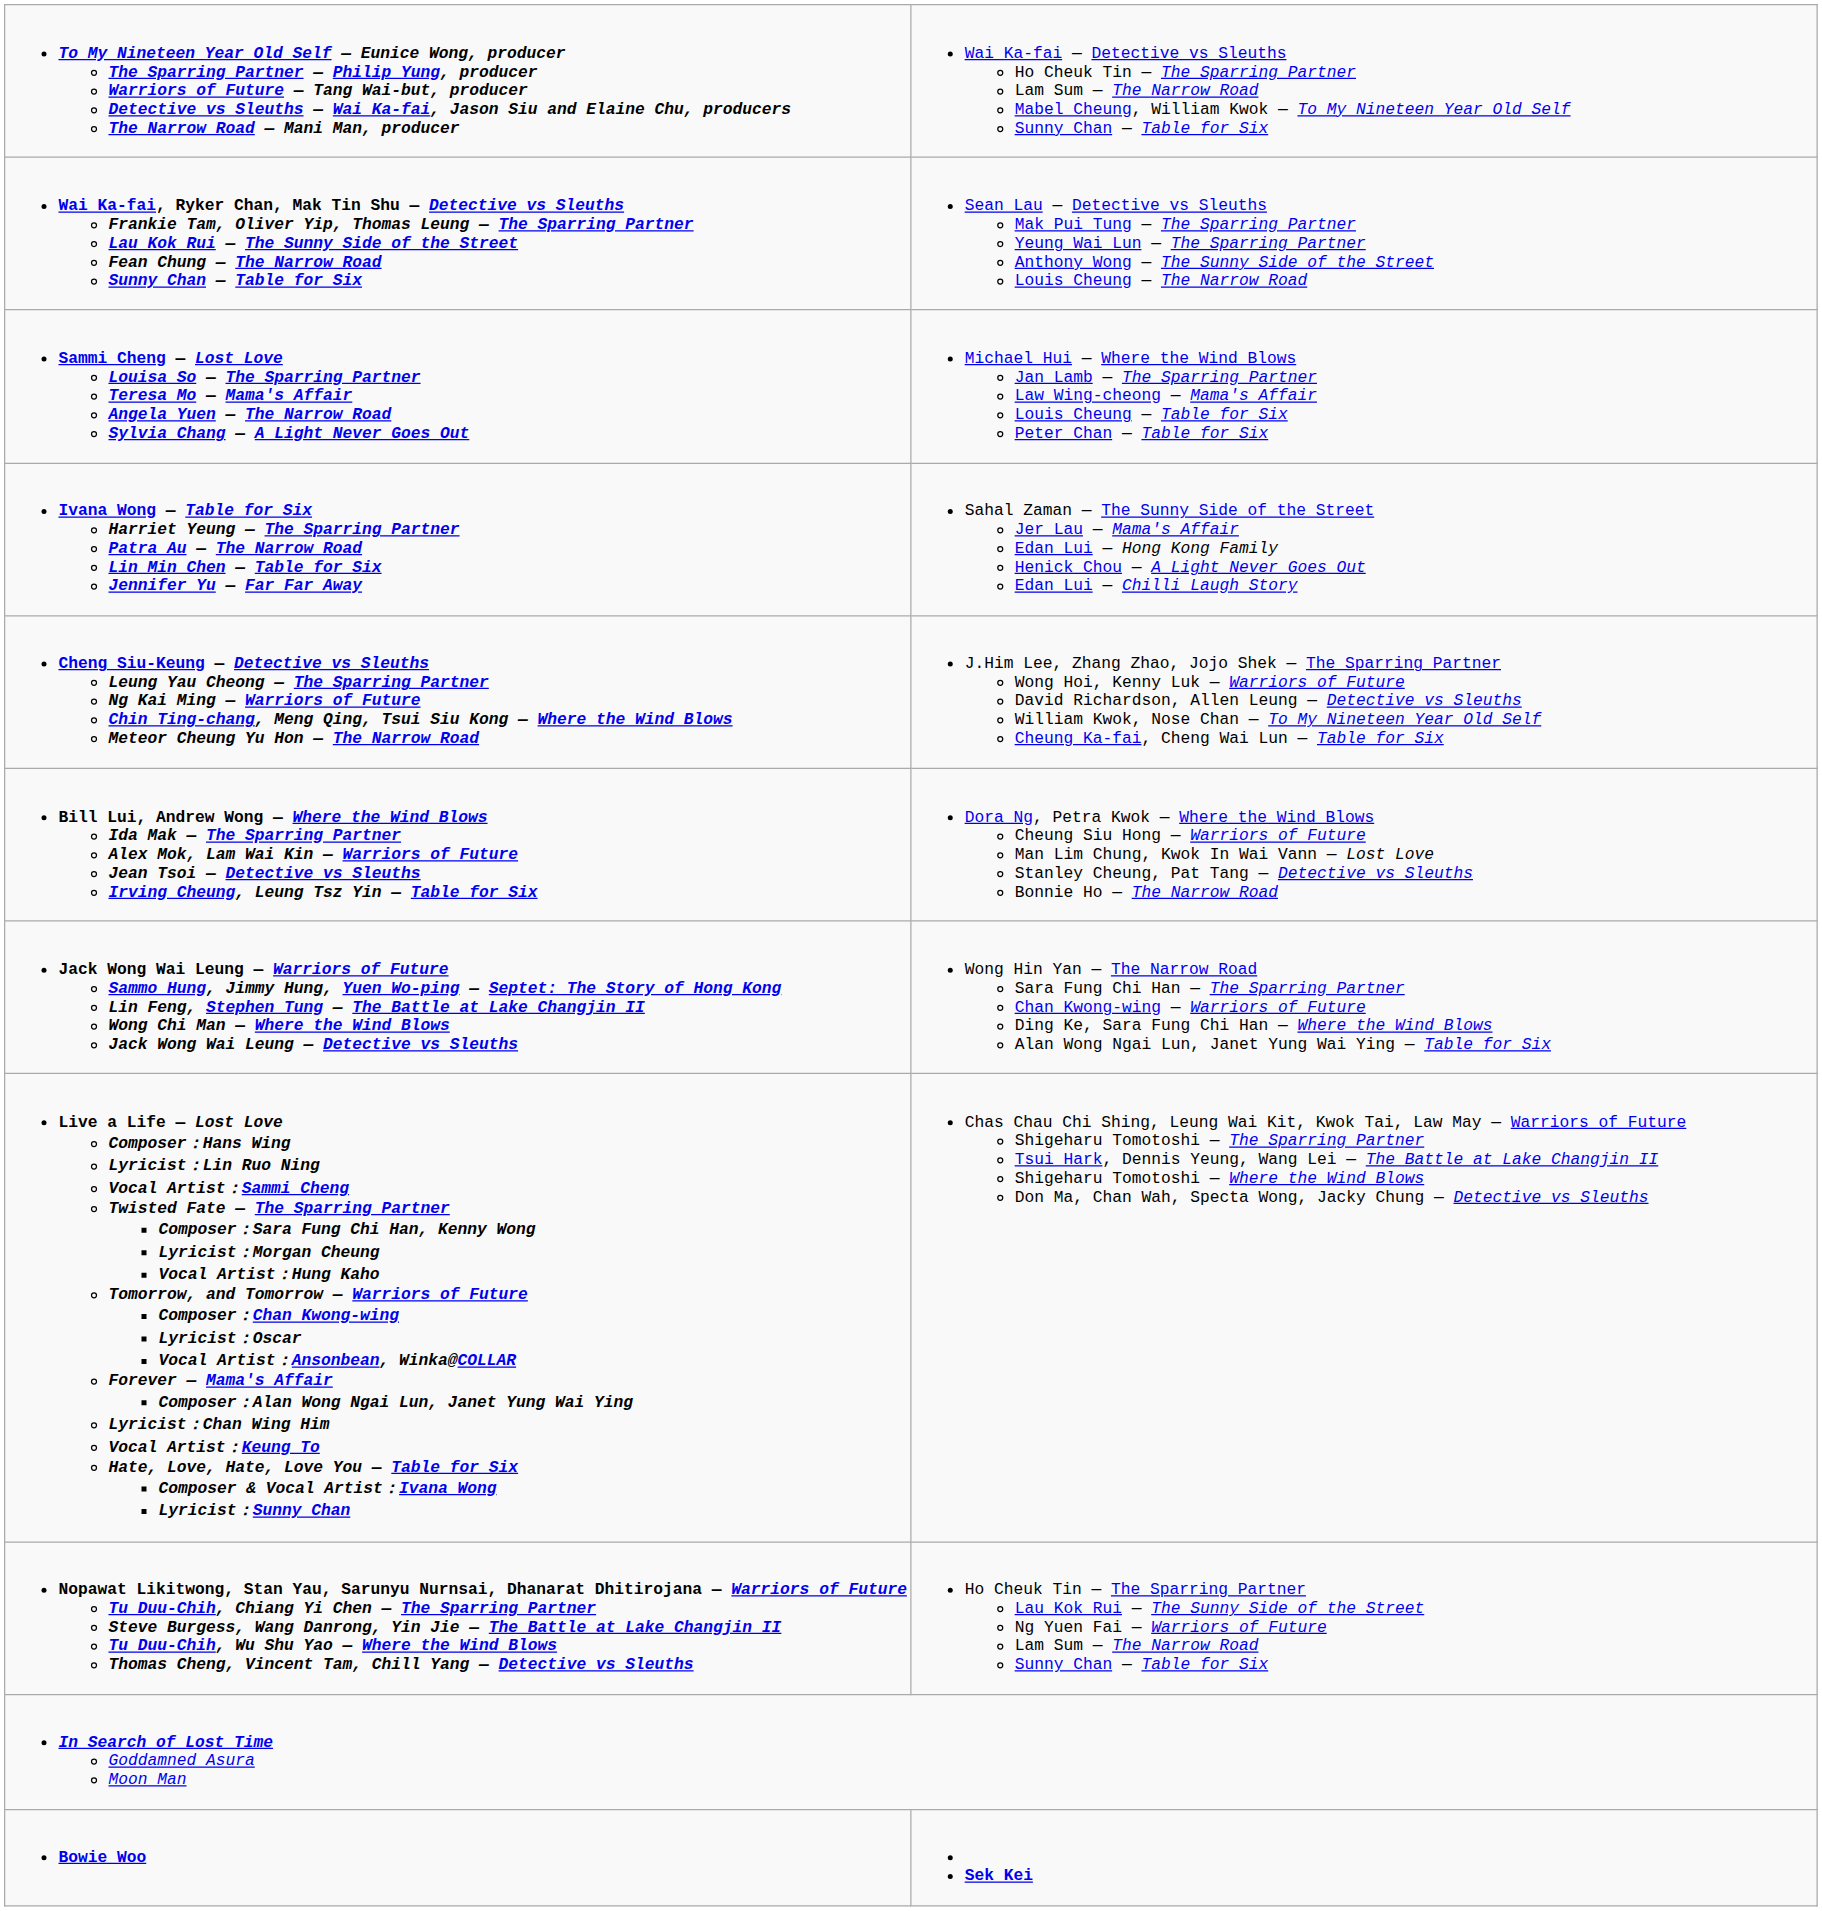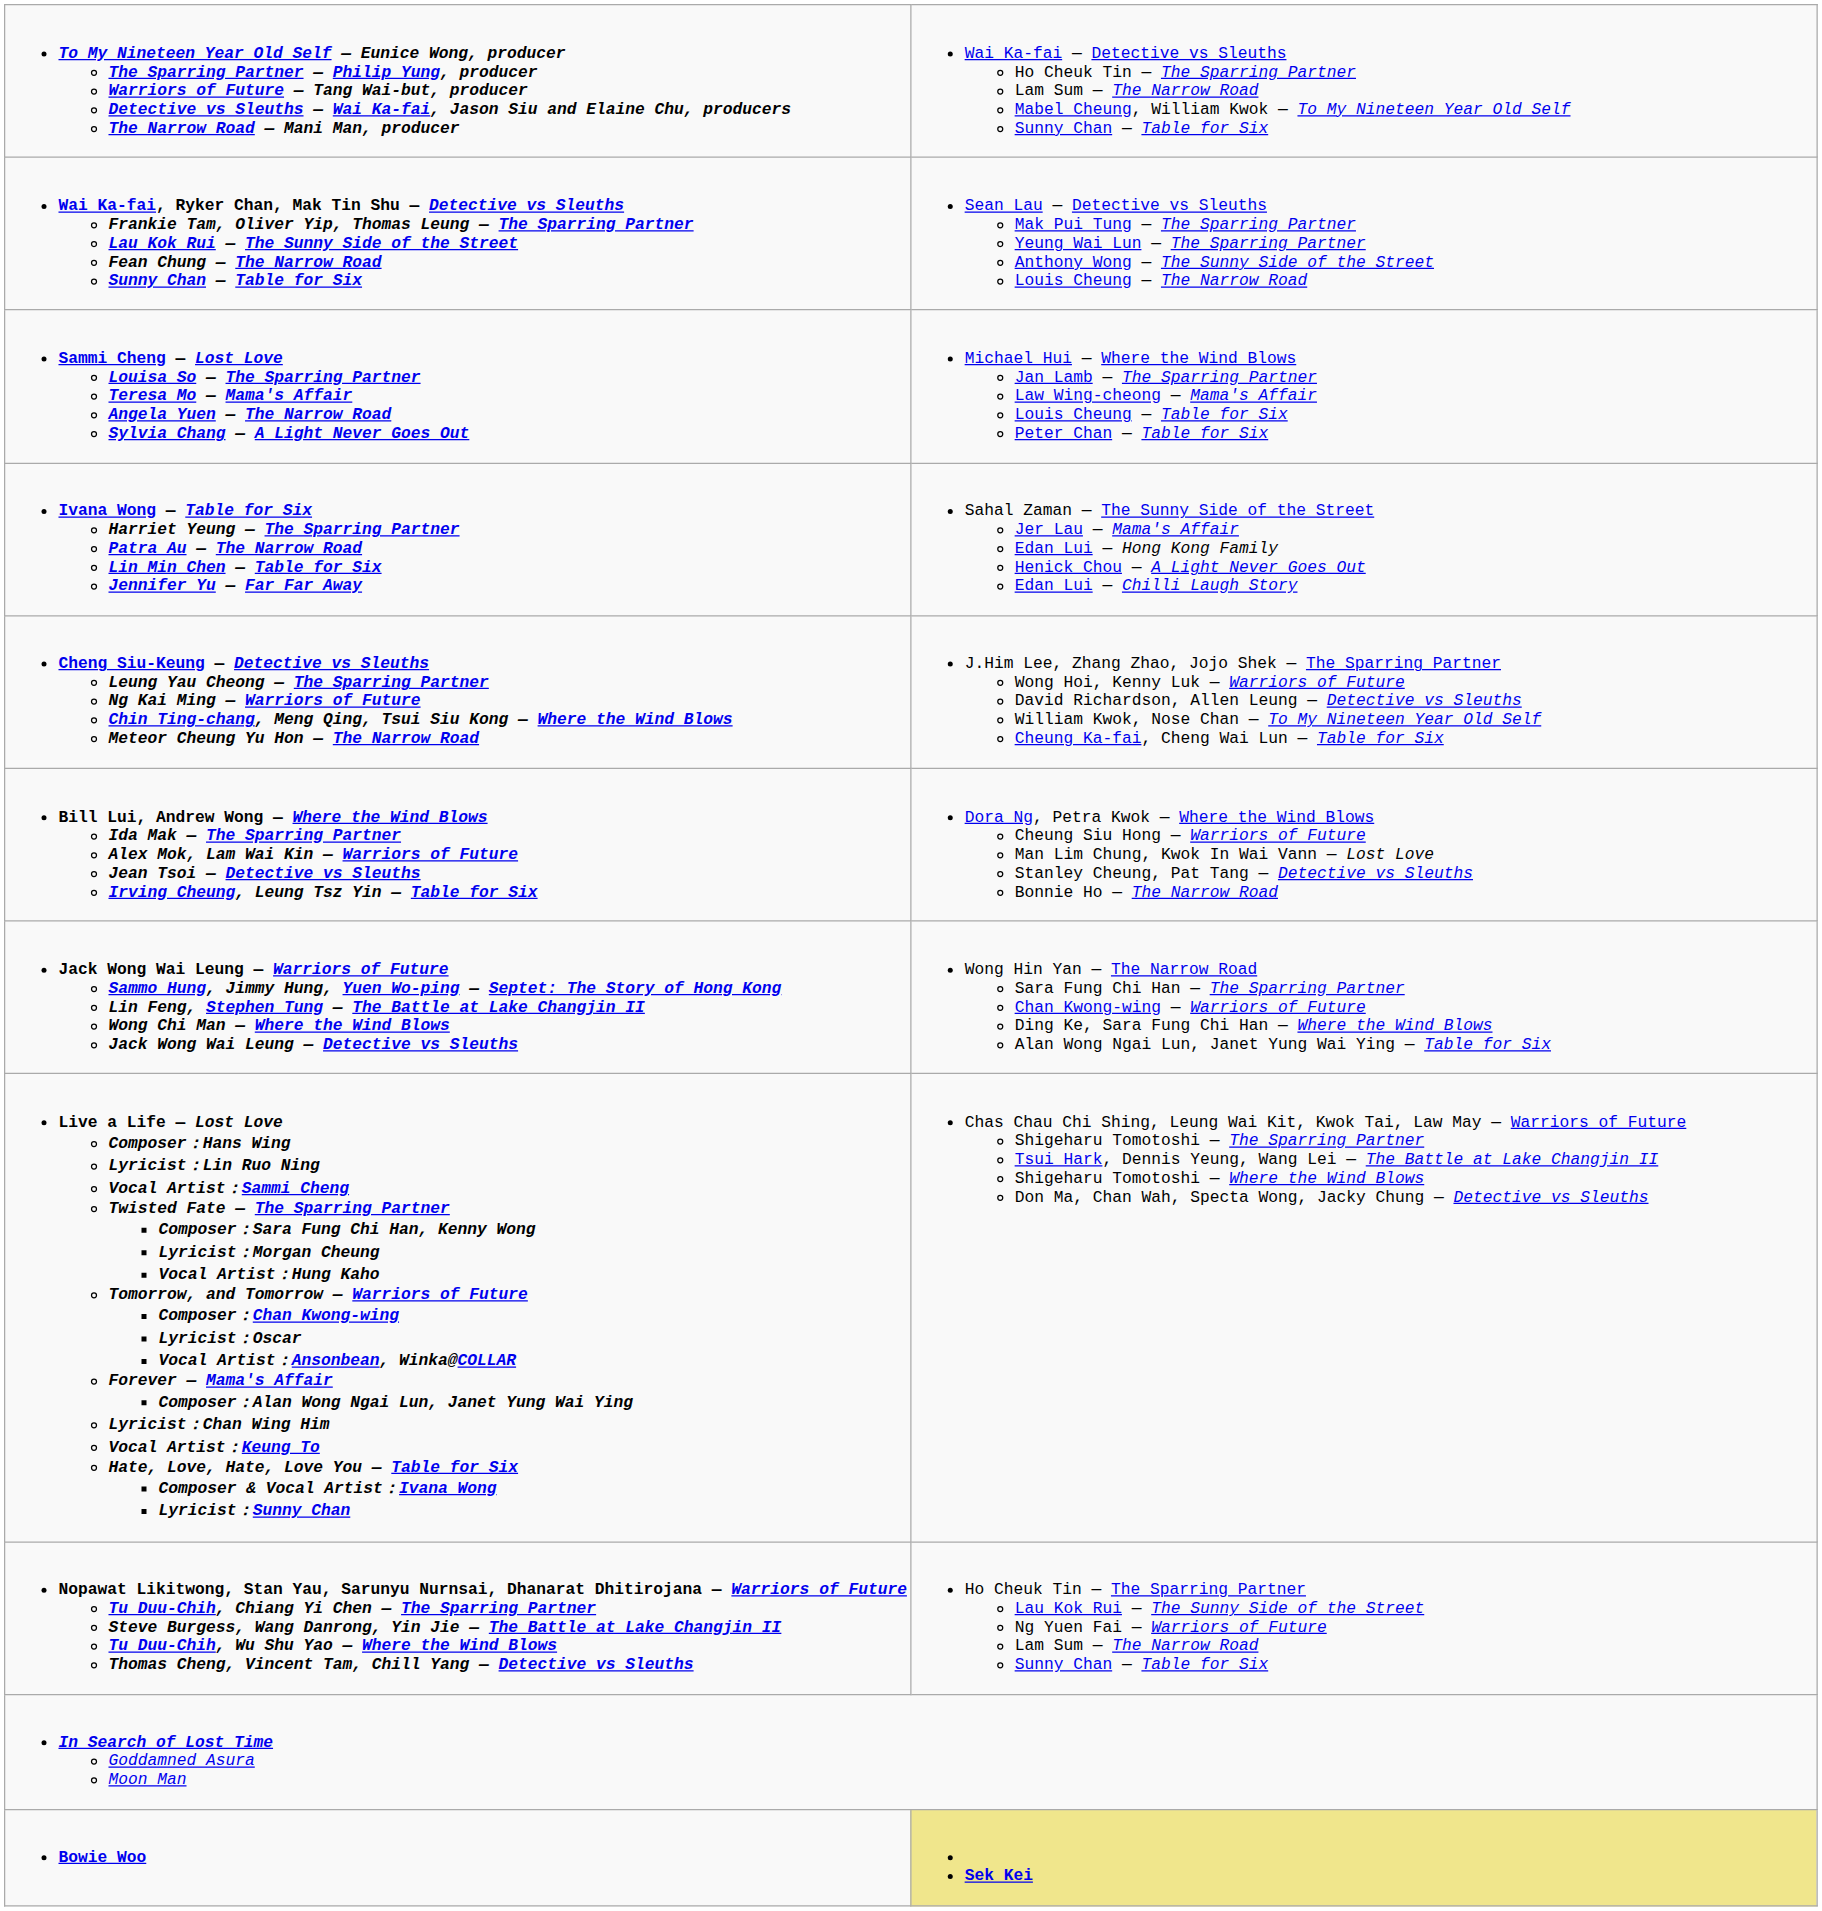 <table class=wikitable>
 <tr>
 <td valign="top" width="50%"><br><ul><li><strong><em><a href='#'>To My Nineteen Year Old Self</a><em> — Eunice Wong, producer<strong><ul><li></em><a href='#'>The Sparring Partner</a><em> — <a href='#'>Philip Yung</a>, producer</li><li></em><a href='#'>Warriors of Future</a><em> — Tang Wai-but, producer</li><li></em><a href='#'>Detective vs Sleuths</a><em> — <a href='#'>Wai Ka-fai</a>, Jason Siu and Elaine Chu, producers</li><li></em><a href='#'>The Narrow Road</a><em> — Mani Man, producer</li></ul></li></ul></td>
 <td valign="top" width="50%"><br><ul><li></strong><a href='#'>Wai Ka-fai</a> — </em><a href='#'>Detective vs Sleuths</a></em></strong><ul><li>Ho Cheuk Tin — <em><a href='#'>The Sparring Partner</a></em></li><li>Lam Sum — <em><a href='#'>The Narrow Road</a></em></li><li><a href='#'>Mabel Cheung</a>, William Kwok — <em><a href='#'>To My Nineteen Year Old Self</a></em></li><li><a href='#'>Sunny Chan</a> — <em><a href='#'>Table for Six</a></em></li></ul></li></ul></td>
 </tr>
 <tr>
 <td valign="top" width="50%"><br><ul><li><strong><a href='#'>Wai Ka-fai</a>, Ryker Chan, Mak Tin Shu — <em><a href='#'>Detective vs Sleuths</a><strong><em><ul><li>Frankie Tam, Oliver Yip, Thomas Leung — </em><a href='#'>The Sparring Partner</a><em></li><li><a href='#'>Lau Kok Rui</a> — </em><a href='#'>The Sunny Side of the Street</a><em></li><li>Fean Chung — </em><a href='#'>The Narrow Road</a><em></li><li><a href='#'>Sunny Chan</a> — </em><a href='#'>Table for Six</a><em></li></ul></li></ul></td>
 <td valign="top" width="50%"><br><ul><li></strong><a href='#'>Sean Lau</a> — </em><a href='#'>Detective vs Sleuths</a></em></strong><ul><li><a href='#'>Mak Pui Tung</a> — <em><a href='#'>The Sparring Partner</a></em></li><li><a href='#'>Yeung Wai Lun</a> — <em><a href='#'>The Sparring Partner</a></em></li><li><a href='#'>Anthony Wong</a> — <em><a href='#'>The Sunny Side of the Street</a></em></li><li><a href='#'>Louis Cheung</a> — <em><a href='#'>The Narrow Road</a></em></li></ul></li></ul></td>
 </tr>
 <tr>
 <td valign="top" width="50%"><br><ul><li><strong><a href='#'>Sammi Cheng</a> — <em><a href='#'>Lost Love</a><strong><em><ul><li><a href='#'>Louisa So</a> — </em><a href='#'>The Sparring Partner</a><em></li><li><a href='#'>Teresa Mo</a> — </em><a href='#'>Mama's Affair</a><em></li><li><a href='#'>Angela Yuen</a> — </em><a href='#'>The Narrow Road</a><em></li><li><a href='#'>Sylvia Chang</a> — </em><a href='#'>A Light Never Goes Out</a><em></li></ul></li></ul></td>
 <td valign="top" width="50%"><br><ul><li></strong><a href='#'>Michael Hui</a> — </em><a href='#'>Where the Wind Blows</a></em></strong><ul><li><a href='#'>Jan Lamb</a> — <em><a href='#'>The Sparring Partner</a></em></li><li><a href='#'>Law Wing-cheong</a> — <em><a href='#'>Mama's Affair</a></em></li><li><a href='#'>Louis Cheung</a> — <em><a href='#'>Table for Six</a></em></li><li><a href='#'>Peter Chan</a> — <em><a href='#'>Table for Six</a></em></li></ul></li></ul></td>
 </tr>
 <tr>
 <td valign="top" width="50%"><br><ul><li><strong><a href='#'>Ivana Wong</a> — <em><a href='#'>Table for Six</a><strong><em><ul><li>Harriet Yeung — </em><a href='#'>The Sparring Partner</a><em></li><li><a href='#'>Patra Au</a> — </em><a href='#'>The Narrow Road</a><em></li><li><a href='#'>Lin Min Chen</a> — </em><a href='#'>Table for Six</a><em></li><li><a href='#'>Jennifer Yu</a> — </em><a href='#'>Far Far Away</a><em></li></ul></li></ul></td>
 <td valign="top" width="50%"><br><ul><li></strong>Sahal Zaman — </em><a href='#'>The Sunny Side of the Street</a></em></strong><ul><li><a href='#'>Jer Lau</a> — <em><a href='#'>Mama's Affair</a></em></li><li><a href='#'>Edan Lui</a> — <em>Hong Kong Family</em></li><li><a href='#'>Henick Chou</a> — <em><a href='#'>A Light Never Goes Out</a></em></li><li><a href='#'>Edan Lui</a> — <em><a href='#'>Chilli Laugh Story</a></em></li></ul></li></ul></td>
 </tr>
 <tr>
 <td valign="top" width="50%"><br><ul><li><strong><a href='#'>Cheng Siu-Keung</a> — <em><a href='#'>Detective vs Sleuths</a><strong><em><ul><li>Leung Yau Cheong — </em><a href='#'>The Sparring Partner</a><em></li><li>Ng Kai Ming — </em><a href='#'>Warriors of Future</a><em></li><li><a href='#'>Chin Ting-chang</a>, Meng Qing, Tsui Siu Kong — </em><a href='#'>Where the Wind Blows</a><em></li><li>Meteor Cheung Yu Hon — </em><a href='#'>The Narrow Road</a><em></li></ul></li></ul></td>
 <td valign="top" width="50%"><br><ul><li></strong>J.Him Lee, Zhang Zhao, Jojo Shek — </em><a href='#'>The Sparring Partner</a></em></strong><ul><li>Wong Hoi, Kenny Luk — <em><a href='#'>Warriors of Future</a></em></li><li>David Richardson, Allen Leung — <em><a href='#'>Detective vs Sleuths</a></em></li><li>William Kwok, Nose Chan — <em><a href='#'>To My Nineteen Year Old Self</a></em></li><li><a href='#'>Cheung Ka-fai</a>, Cheng Wai Lun — <em><a href='#'>Table for Six</a></em></li></ul></li></ul></td>
 </tr>
 <tr>
 <td valign="top" width="50%"><br><ul><li><strong>Bill Lui, Andrew Wong — <em><a href='#'>Where the Wind Blows</a><strong><em><ul><li>Ida Mak — </em><a href='#'>The Sparring Partner</a><em></li><li>Alex Mok, Lam Wai Kin — </em><a href='#'>Warriors of Future</a><em></li><li>Jean Tsoi — </em><a href='#'>Detective vs Sleuths</a><em></li><li><a href='#'>Irving Cheung</a>, Leung Tsz Yin — </em><a href='#'>Table for Six</a><em></li></ul></li></ul></td>
 <td valign="top" width="50%"><br><ul><li></strong><a href='#'>Dora Ng</a>, Petra Kwok — </em><a href='#'>Where the Wind Blows</a></em></strong><ul><li>Cheung Siu Hong — <em><a href='#'>Warriors of Future</a></em></li><li>Man Lim Chung, Kwok In Wai Vann — <em>Lost Love</em></li><li>Stanley Cheung, Pat Tang — <em><a href='#'>Detective vs Sleuths</a></em></li><li>Bonnie Ho — <em><a href='#'>The Narrow Road</a></em></li></ul></li></ul></td>
 </tr>
 <tr>
 <td valign="top" width="50%"><br><ul><li><strong>Jack Wong Wai Leung — <em><a href='#'>Warriors of Future</a><strong><em><ul><li><a href='#'>Sammo Hung</a>, Jimmy Hung, <a href='#'>Yuen Wo-ping</a> — </em><a href='#'>Septet: The Story of Hong Kong</a><em></li><li>Lin Feng, <a href='#'>Stephen Tung</a> — </em><a href='#'>The Battle at Lake Changjin II</a><em></li><li>Wong Chi Man — </em><a href='#'>Where the Wind Blows</a><em></li><li>Jack Wong Wai Leung — </em><a href='#'>Detective vs Sleuths</a><em></li></ul></li></ul></td>
 <td valign="top" width="50%"><br><ul><li></strong>Wong Hin Yan — </em><a href='#'>The Narrow Road</a></em></strong><ul><li>Sara Fung Chi Han — <em><a href='#'>The Sparring Partner</a></em></li><li><a href='#'>Chan Kwong-wing</a> — <em><a href='#'>Warriors of Future</a></em></li><li>Ding Ke, Sara Fung Chi Han — <em><a href='#'>Where the Wind Blows</a></em></li><li>Alan Wong Ngai Lun, Janet Yung Wai Ying — <em><a href='#'>Table for Six</a></em></li></ul></li></ul></td>
 </tr>
 <tr>
 <td valign="top" width="50%"><br><ul><li><strong>Live a Life — <em>Lost Love<strong><em><ul><li></strong>Composer：Hans Wing<strong></li><li></strong>Lyricist：Lin Ruo Ning<strong></li><li></strong>Vocal Artist：<a href='#'>Sammi Cheng</a><strong></li><li>Twisted Fate — </em><a href='#'>The Sparring Partner</a><em><ul><li>Composer：Sara Fung Chi Han, Kenny Wong</li><li>Lyricist：Morgan Cheung</li><li>Vocal Artist：Hung Kaho</li></ul></li><li>Tomorrow, and Tomorrow — </em><a href='#'>Warriors of Future</a><em><ul><li>Composer：<a href='#'>Chan Kwong-wing</a></li><li>Lyricist：Oscar</li><li>Vocal Artist：<a href='#'>Ansonbean</a>, Winka@<a href='#'>COLLAR</a></li></ul></li><li>Forever — </em><a href='#'>Mama's Affair</a><em><ul><li>Composer：Alan Wong Ngai Lun, Janet Yung Wai Ying</li></ul></li><li>Lyricist：Chan Wing Him</li><li>Vocal Artist：<a href='#'>Keung To</a></li><li>Hate, Love, Hate, Love You — </em><a href='#'>Table for Six</a><em><ul><li>Composer & Vocal Artist：<a href='#'>Ivana Wong</a></li><li>Lyricist：<a href='#'>Sunny Chan</a></li></ul></li></ul></li></ul></td>
 <td valign="top" width="50%"><br><ul><li></strong>Chas Chau Chi Shing, Leung Wai Kit, Kwok Tai, Law May — </em><a href='#'>Warriors of Future</a></em></strong><ul><li>Shigeharu Tomotoshi — <em><a href='#'>The Sparring Partner</a></em></li><li><a href='#'>Tsui Hark</a>, Dennis Yeung, Wang Lei — <em><a href='#'>The Battle at Lake Changjin II</a></em></li><li>Shigeharu Tomotoshi — <em><a href='#'>Where the Wind Blows</a></em></li><li>Don Ma, Chan Wah, Specta Wong, Jacky Chung — <em><a href='#'>Detective vs Sleuths</a></em></li></ul></li></ul></td>
 </tr>
 <tr>
 <td valign="top" width="50%"><br><ul><li><strong>Nopawat Likitwong, Stan Yau, Sarunyu Nurnsai, Dhanarat Dhitirojana — <em><a href='#'>Warriors of Future</a><strong><em><ul><li><a href='#'>Tu Duu-Chih</a>, Chiang Yi Chen — </em><a href='#'>The Sparring Partner</a><em></li><li>Steve Burgess, Wang Danrong, Yin Jie — </em><a href='#'>The Battle at Lake Changjin II</a><em></li><li><a href='#'>Tu Duu-Chih</a>, Wu Shu Yao — </em><a href='#'>Where the Wind Blows</a><em></li><li>Thomas Cheng, Vincent Tam, Chill Yang — </em><a href='#'>Detective vs Sleuths</a><em></li></ul></li></ul></td>
 <td valign="top" width="50%"><br><ul><li></strong>Ho Cheuk Tin — </em><a href='#'>The Sparring Partner</a></em></strong><ul><li><a href='#'>Lau Kok Rui</a> — <em><a href='#'>The Sunny Side of the Street</a></em></li><li>Ng Yuen Fai — <em><a href='#'>Warriors of Future</a></em></li><li>Lam Sum — <em><a href='#'>The Narrow Road</a></em></li><li><a href='#'>Sunny Chan</a> — <em><a href='#'>Table for Six</a></em></li></ul></li></ul></td>
 </tr>
 <tr>
 <td colspan=2 valign="top" width="50%"><br><ul><li><strong><em><a href='#'>In Search of Lost Time</a></em></strong>  <ul><li><em><a href='#'>Goddamned Asura</a></em> </li><li><em><a href='#'>Moon Man</a></em> </li></ul></li></ul></td>
 </tr>
 <tr>
 <td valign="top" width="50%"><br><ul><li><strong><a href='#'>Bowie Woo</a></strong></li></ul></td>
-<td valign="top" width="50%"><br><ul><li><strong></strong></li><li><strong><a href='#'>Sek Kei</a></strong></li></ul></td>
+<td valign="top" width="50%" style="background: khaki;"><br><ul><li><strong></strong></li><li><strong><a href='#'>Sek Kei</a></strong></li></ul></td>
 </tr>
 </table>
